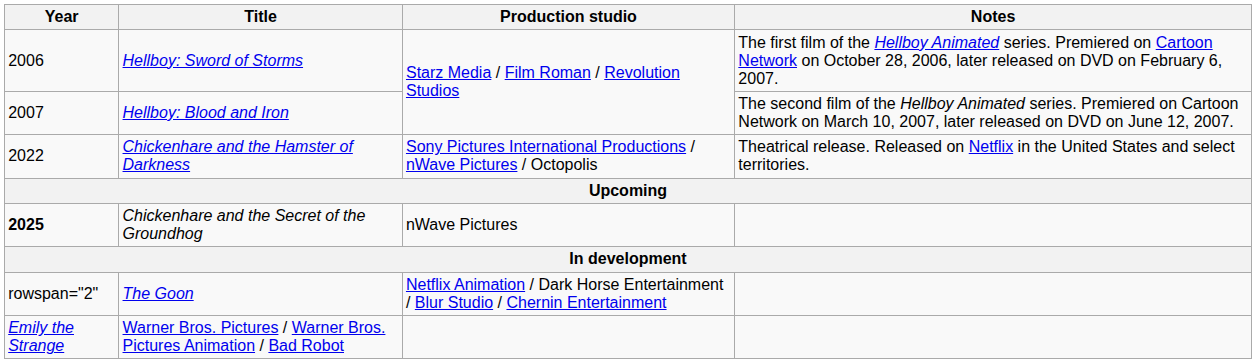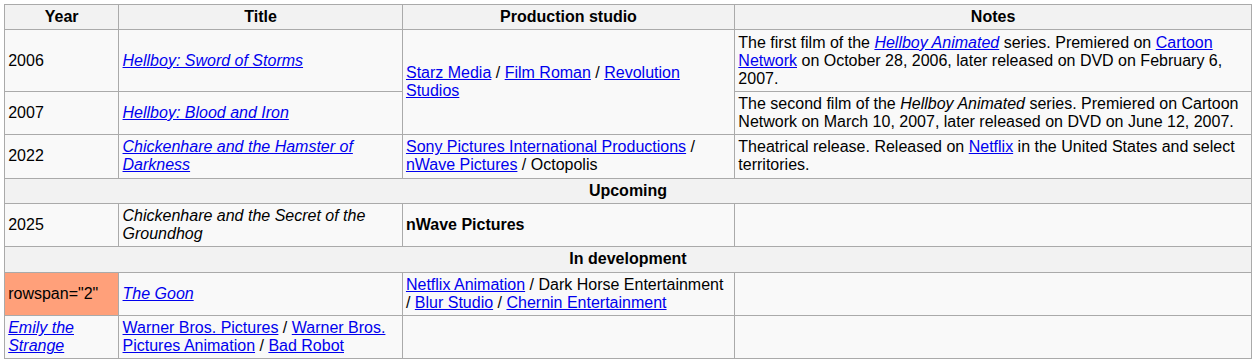 <table class="wikitable">
 <tr style="background:#b0c4de;">
 <th>Year</th>
 <th>Title</th>
 <th>Production studio</th>
 <th>Notes</th>
 </tr>
 <tr>
 <td>2006</td>
 <td><em><a href='#'>Hellboy: Sword of Storms</a></em></td>
 <td rowspan="2"><a href='#'>Starz Media</a> / <a href='#'>Film Roman</a> / <a href='#'>Revolution Studios</a></td>
 <td>The first film of the <em><a href='#'>Hellboy Animated</a></em> series. Premiered  on <a href='#'>Cartoon Network</a> on October 28, 2006, later released on DVD on February 6, 2007.</td>
 </tr>
 <tr>
 <td>2007</td>
 <td><em><a href='#'>Hellboy: Blood and Iron</a></em></td>
 <td>The second film of the <em>Hellboy Animated</em> series. Premiered on Cartoon Network on March 10, 2007, later released on DVD on June 12, 2007.</td>
 </tr>
 <tr>
 <td>2022</td>
 <td><em><a href='#'>Chickenhare and the Hamster of Darkness</a></em></td>
 <td><a href='#'>Sony Pictures International Productions</a> / <a href='#'>nWave Pictures</a> / Octopolis</td>
 <td>Theatrical release. Released on <a href='#'>Netflix</a> in the United States and select territories.</td>
 </tr>
 <tr>
 <th colspan="5" style="background:#white;">Upcoming</th>
 </tr>
 <tr>
-<td><strong>2025</strong></td>
+<td>2025</td>
 <td><em>Chickenhare and the Secret of the Groundhog</em></td>
-<td>nWave Pictures</td>
+<td><strong>nWave Pictures</strong></td>
 <td></td>
 </tr>
 <tr>
 <th colspan="5" style="background:#white;">In development</th>
 </tr>
 <tr>
-<td>rowspan="2" </td>
+<td style="background: lightsalmon;">rowspan="2" </td>
 <td><em><a href='#'>The Goon</a></em></td>
 <td><a href='#'>Netflix Animation</a> / Dark Horse Entertainment / <a href='#'>Blur Studio</a> / <a href='#'>Chernin Entertainment</a></td>
 <td></td>
 </tr>
 <tr>
 <td><em><a href='#'>Emily the Strange</a></em></td>
 <td><a href='#'>Warner Bros. Pictures</a> / <a href='#'>Warner Bros. Pictures Animation</a> / <a href='#'>Bad Robot</a></td>
 <td></td>
 </tr>
 </table>
